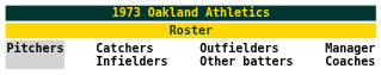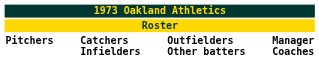 <table class="toccolours" style="font-size: 95%;">
 <tr>
 <th colspan="10" style="background-color: #003831; color: #FFD800; text-align: center;">1973 Oakland Athletics</th>
 </tr>
 <tr>
 <td colspan="10" style="background-color: #FFD800; color: #003831; text-align: center;"><strong>Roster</strong></td>
 </tr>
 <tr>
-<td valign="top" style="background: lightgrey;"><strong>Pitchers</strong><br>           </td>
+<td valign="top"><strong>Pitchers</strong><br>           </td>
 <td width="25px"></td>
 <td valign="top"><strong>Catchers</strong><br>   <strong>Infielders</strong>               </td>
 <td width="25px"></td>
 <td valign="top"><strong>Outfielders</strong><br>        <strong>Other batters</strong>  </td>
 <td width="25px"></td>
 <td valign="top"><strong>Manager</strong><br> <strong>Coaches</strong>    </td>
 </tr>
 </table>
